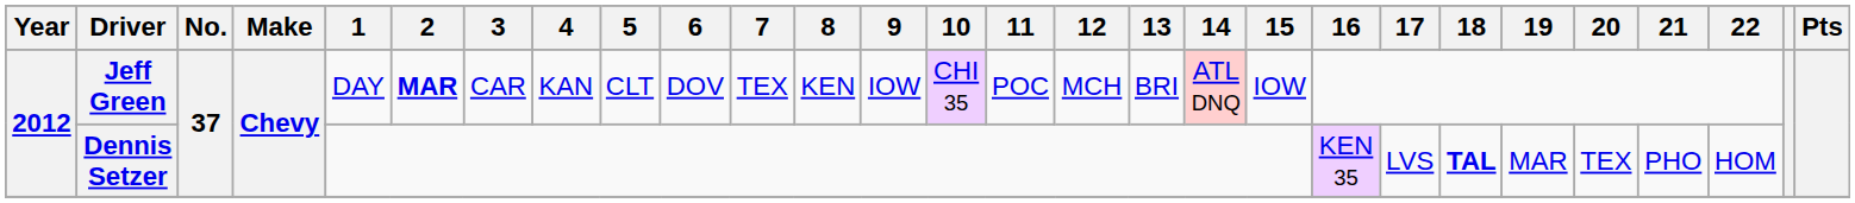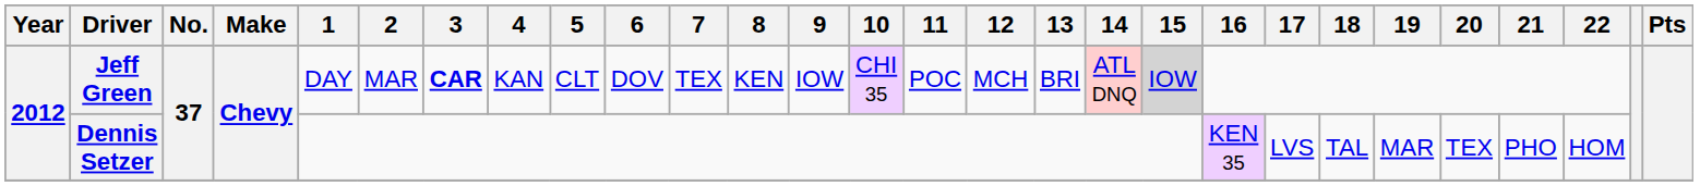 <table class="wikitable" style="text-align:center; font-size:75%">
 <tr>
 <th>Year</th>
 <th>Driver</th>
 <th>No.</th>
 <th>Make</th>
 <th>1</th>
 <th>2</th>
 <th>3</th>
 <th>4</th>
 <th>5</th>
 <th>6</th>
 <th>7</th>
 <th>8</th>
 <th>9</th>
 <th>10</th>
 <th>11</th>
 <th>12</th>
 <th>13</th>
 <th>14</th>
 <th>15</th>
 <th>16</th>
 <th>17</th>
 <th>18</th>
 <th>19</th>
 <th>20</th>
 <th>21</th>
 <th>22</th>
 <th></th>
 <th>Pts</th>
 </tr>
 <tr>
 <th rowspan=2><a href='#'>2012</a></th>
 <th><a href='#'>Jeff Green</a></th>
 <th rowspan=2>37</th>
 <th rowspan=2><a href='#'>Chevy</a></th>
 <td><a href='#'>DAY</a></td>
-<td><strong><a href='#'>MAR</a></strong></td>
-<td><a href='#'>CAR</a></td>
+<td><a href='#'>MAR</a></td>
+<td><strong><a href='#'>CAR</a></strong></td>
 <td><a href='#'>KAN</a></td>
 <td><a href='#'>CLT</a></td>
 <td><a href='#'>DOV</a></td>
 <td><a href='#'>TEX</a></td>
 <td><a href='#'>KEN</a></td>
 <td><a href='#'>IOW</a></td>
 <td style="background:#EFCFFF;"><a href='#'>CHI</a><br><small>35</small></td>
 <td><a href='#'>POC</a></td>
 <td><a href='#'>MCH</a></td>
 <td><a href='#'>BRI</a></td>
 <td style="background:#FFCFCF;"><a href='#'>ATL</a><br><small>DNQ</small></td>
-<td><a href='#'>IOW</a></td>
+<td style="background: lightgrey;"><a href='#'>IOW</a></td>
 <td colspan=7></td>
 <th rowspan=2></th>
 <th rowspan=2></th>
 </tr>
 <tr>
 <th><a href='#'>Dennis Setzer</a></th>
 <td colspan=15></td>
 <td style="background:#EFCFFF;"><a href='#'>KEN</a><br><small>35</small></td>
 <td><a href='#'>LVS</a></td>
-<td><strong><a href='#'>TAL</a></strong></td>
+<td><a href='#'>TAL</a></td>
 <td><a href='#'>MAR</a></td>
 <td><a href='#'>TEX</a></td>
 <td><a href='#'>PHO</a></td>
 <td><a href='#'>HOM</a></td>
 </tr>
 <tr>
 </tr>
 </table>
